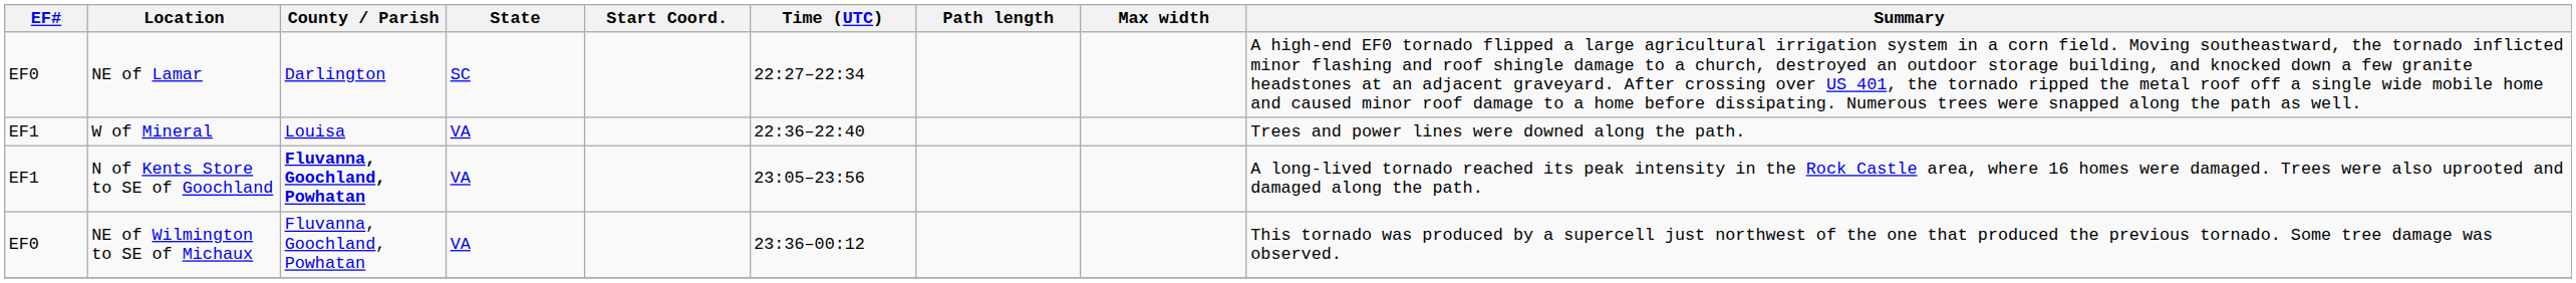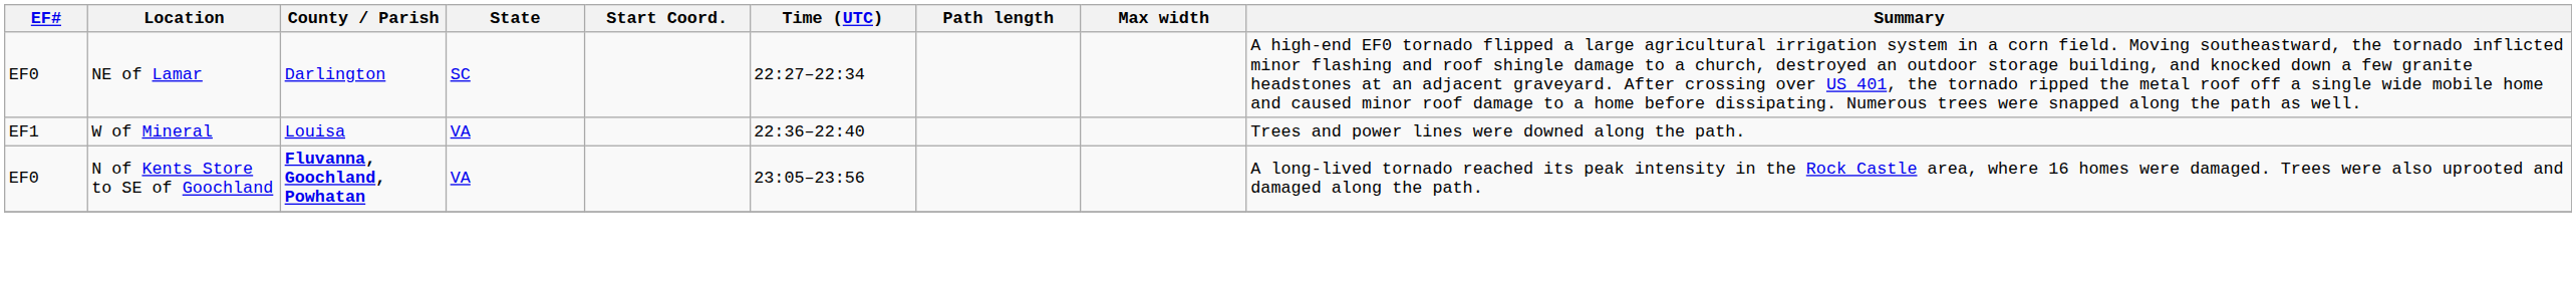 <table class="wikitable sortable" style="width:100%;">
 <tr>
 <th scope="col"  style="width:3%; text-align:center;"><a href='#'>EF#</a></th>
 <th scope="col"  style="width:7%; text-align:center;" class="unsortable">Location</th>
 <th scope="col"  style="width:6%; text-align:center;" class="unsortable">County / Parish</th>
 <th scope="col"  style="width:5%; text-align:center;">State</th>
 <th scope="col"  style="width:6%; text-align:center;">Start Coord.</th>
 <th scope="col"  style="width:6%; text-align:center;">Time (<a href='#'>UTC</a>)</th>
 <th scope="col"  style="width:6%; text-align:center;">Path length</th>
 <th scope="col"  style="width:6%; text-align:center;">Max width</th>
 <th scope="col" class="unsortable" style="width:48%; text-align:center;">Summary</th>
 </tr>
 <tr>
 <td>EF0</td>
 <td>NE of <a href='#'>Lamar</a></td>
 <td><a href='#'>Darlington</a></td>
 <td><a href='#'>SC</a></td>
 <td></td>
 <td>22:27–22:34</td>
 <td></td>
 <td></td>
 <td>A high-end EF0 tornado flipped a large agricultural irrigation system in a corn field. Moving southeastward, the tornado inflicted minor flashing and roof shingle damage to a church, destroyed an outdoor storage building, and knocked down a few granite headstones at an adjacent graveyard. After crossing over <a href='#'>US 401</a>, the tornado ripped the metal roof off a single wide mobile home and caused minor roof damage to a home before dissipating. Numerous trees were snapped along the path as well.</td>
 </tr>
 <tr>
 <td>EF1</td>
 <td>W of <a href='#'>Mineral</a></td>
 <td><a href='#'>Louisa</a></td>
 <td><a href='#'>VA</a></td>
 <td></td>
 <td>22:36–22:40</td>
 <td></td>
 <td></td>
 <td>Trees and power lines were downed along the path.</td>
 </tr>
 <tr>
-<td>EF1</td>
+<td>EF0</td>
 <td>N of <a href='#'>Kents Store</a> to SE of <a href='#'>Goochland</a></td>
 <td><strong><a href='#'>Fluvanna</a>, <a href='#'>Goochland</a>, <a href='#'>Powhatan</a></strong></td>
 <td><a href='#'>VA</a></td>
 <td></td>
 <td>23:05–23:56</td>
 <td></td>
 <td></td>
 <td>A long-lived tornado reached its peak intensity in the <a href='#'>Rock Castle</a> area, where 16 homes were damaged. Trees were also uprooted and damaged along the path.</td>
 </tr>
 <tr>
-<td>EF0</td>
-<td>NE of <a href='#'>Wilmington</a> to SE of <a href='#'>Michaux</a></td>
-<td><a href='#'>Fluvanna</a>, <a href='#'>Goochland</a>, <a href='#'>Powhatan</a></td>
-<td><a href='#'>VA</a></td>
-<td></td>
-<td>23:36–00:12</td>
-<td></td>
-<td></td>
-<td>This tornado was produced by a supercell just northwest of the one that produced the previous tornado. Some tree damage was observed.</td>
-</tr>
-<tr>
 </tr>
 </table>
